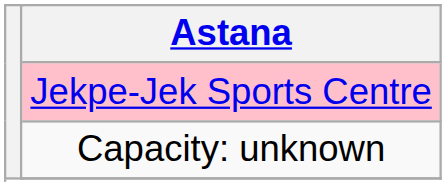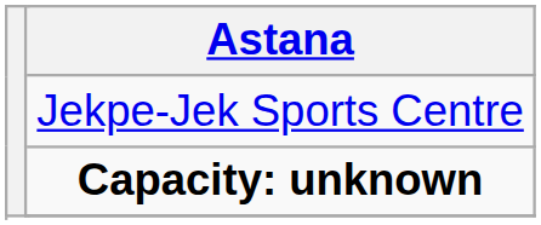 <table class="wikitable" style="text-align:center">
 <tr>
 <th rowspan="8" colspan="2"></th>
 <th><a href='#'>Astana</a></th>
 </tr>
 <tr>
-<td style="background: pink;"><a href='#'>Jekpe-Jek Sports Centre</a></td>
+<td><a href='#'>Jekpe-Jek Sports Centre</a></td>
 </tr>
 <tr>
-<td>Capacity: unknown</td>
+<td><strong>Capacity: unknown</strong></td>
 </tr>
 <tr>
 </tr>
 </table>
